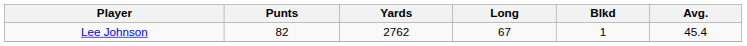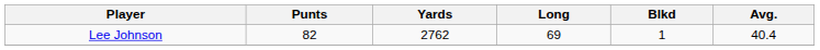 <table class="wikitable" style="text-align:center;" width="80%">
 <tr>
 <th>Player</th>
 <th>Punts</th>
 <th>Yards</th>
 <th>Long</th>
 <th>Blkd</th>
 <th>Avg.</th>
 </tr>
 <tr>
 <td><a href='#'>Lee Johnson</a></td>
 <td>82</td>
 <td>2762</td>
-<td>67</td>
+<td>69</td>
 <td>1</td>
-<td>45.4</td>
+<td>40.4</td>
 </tr>
 <tr>
 </tr>
 </table>
